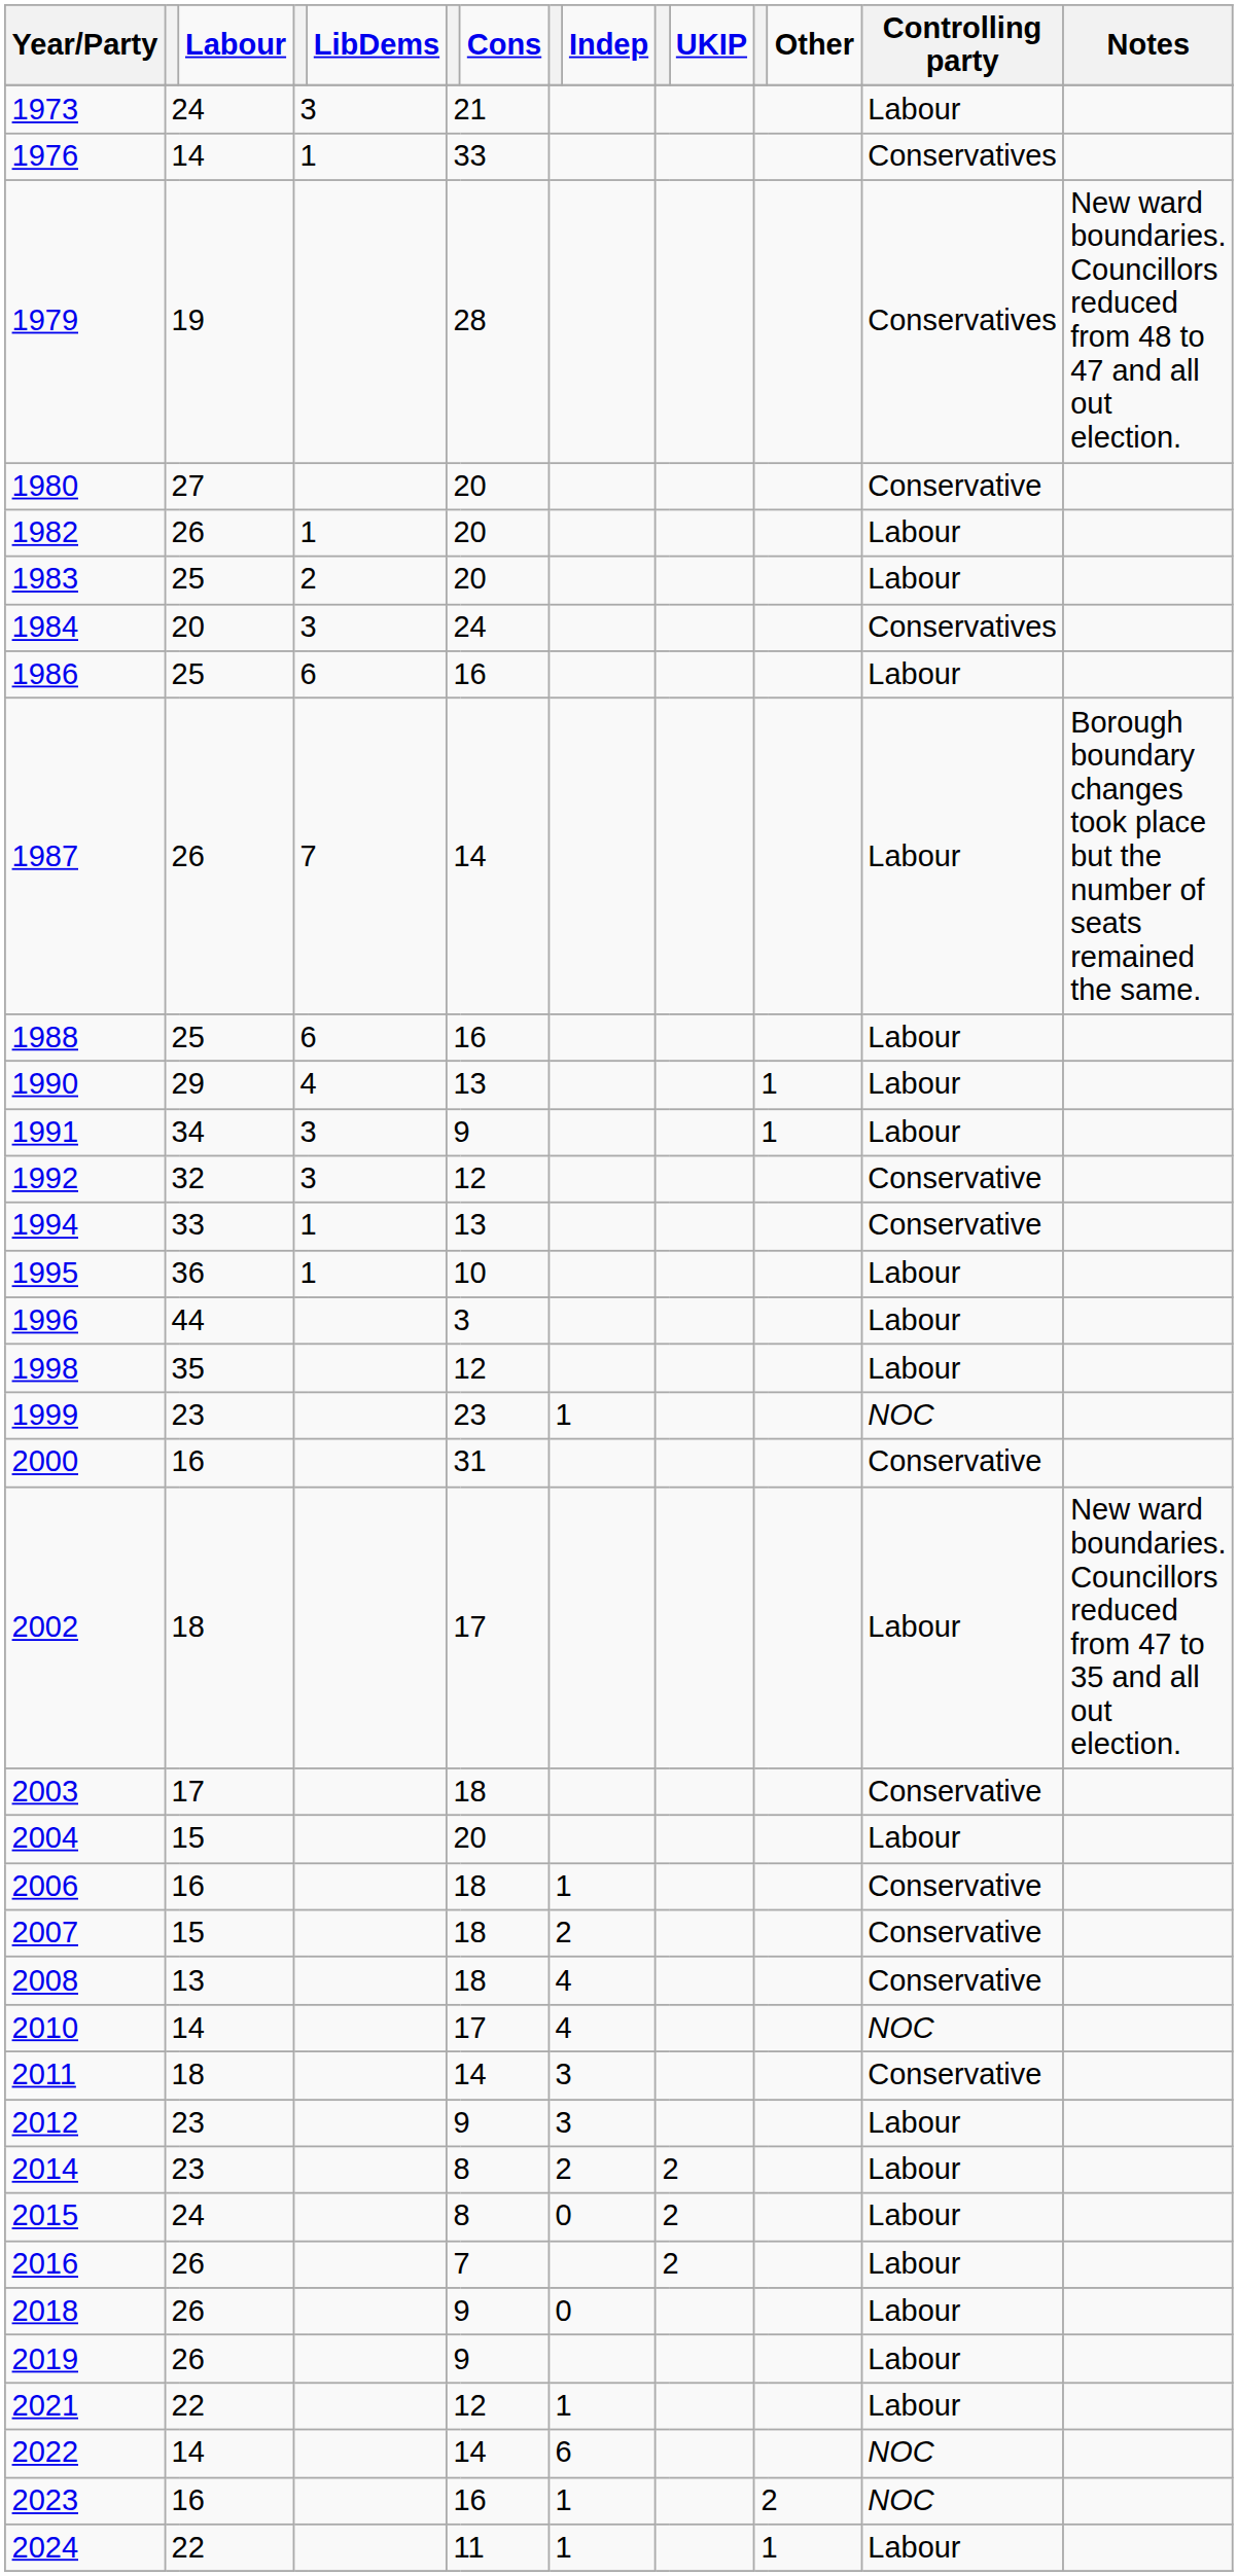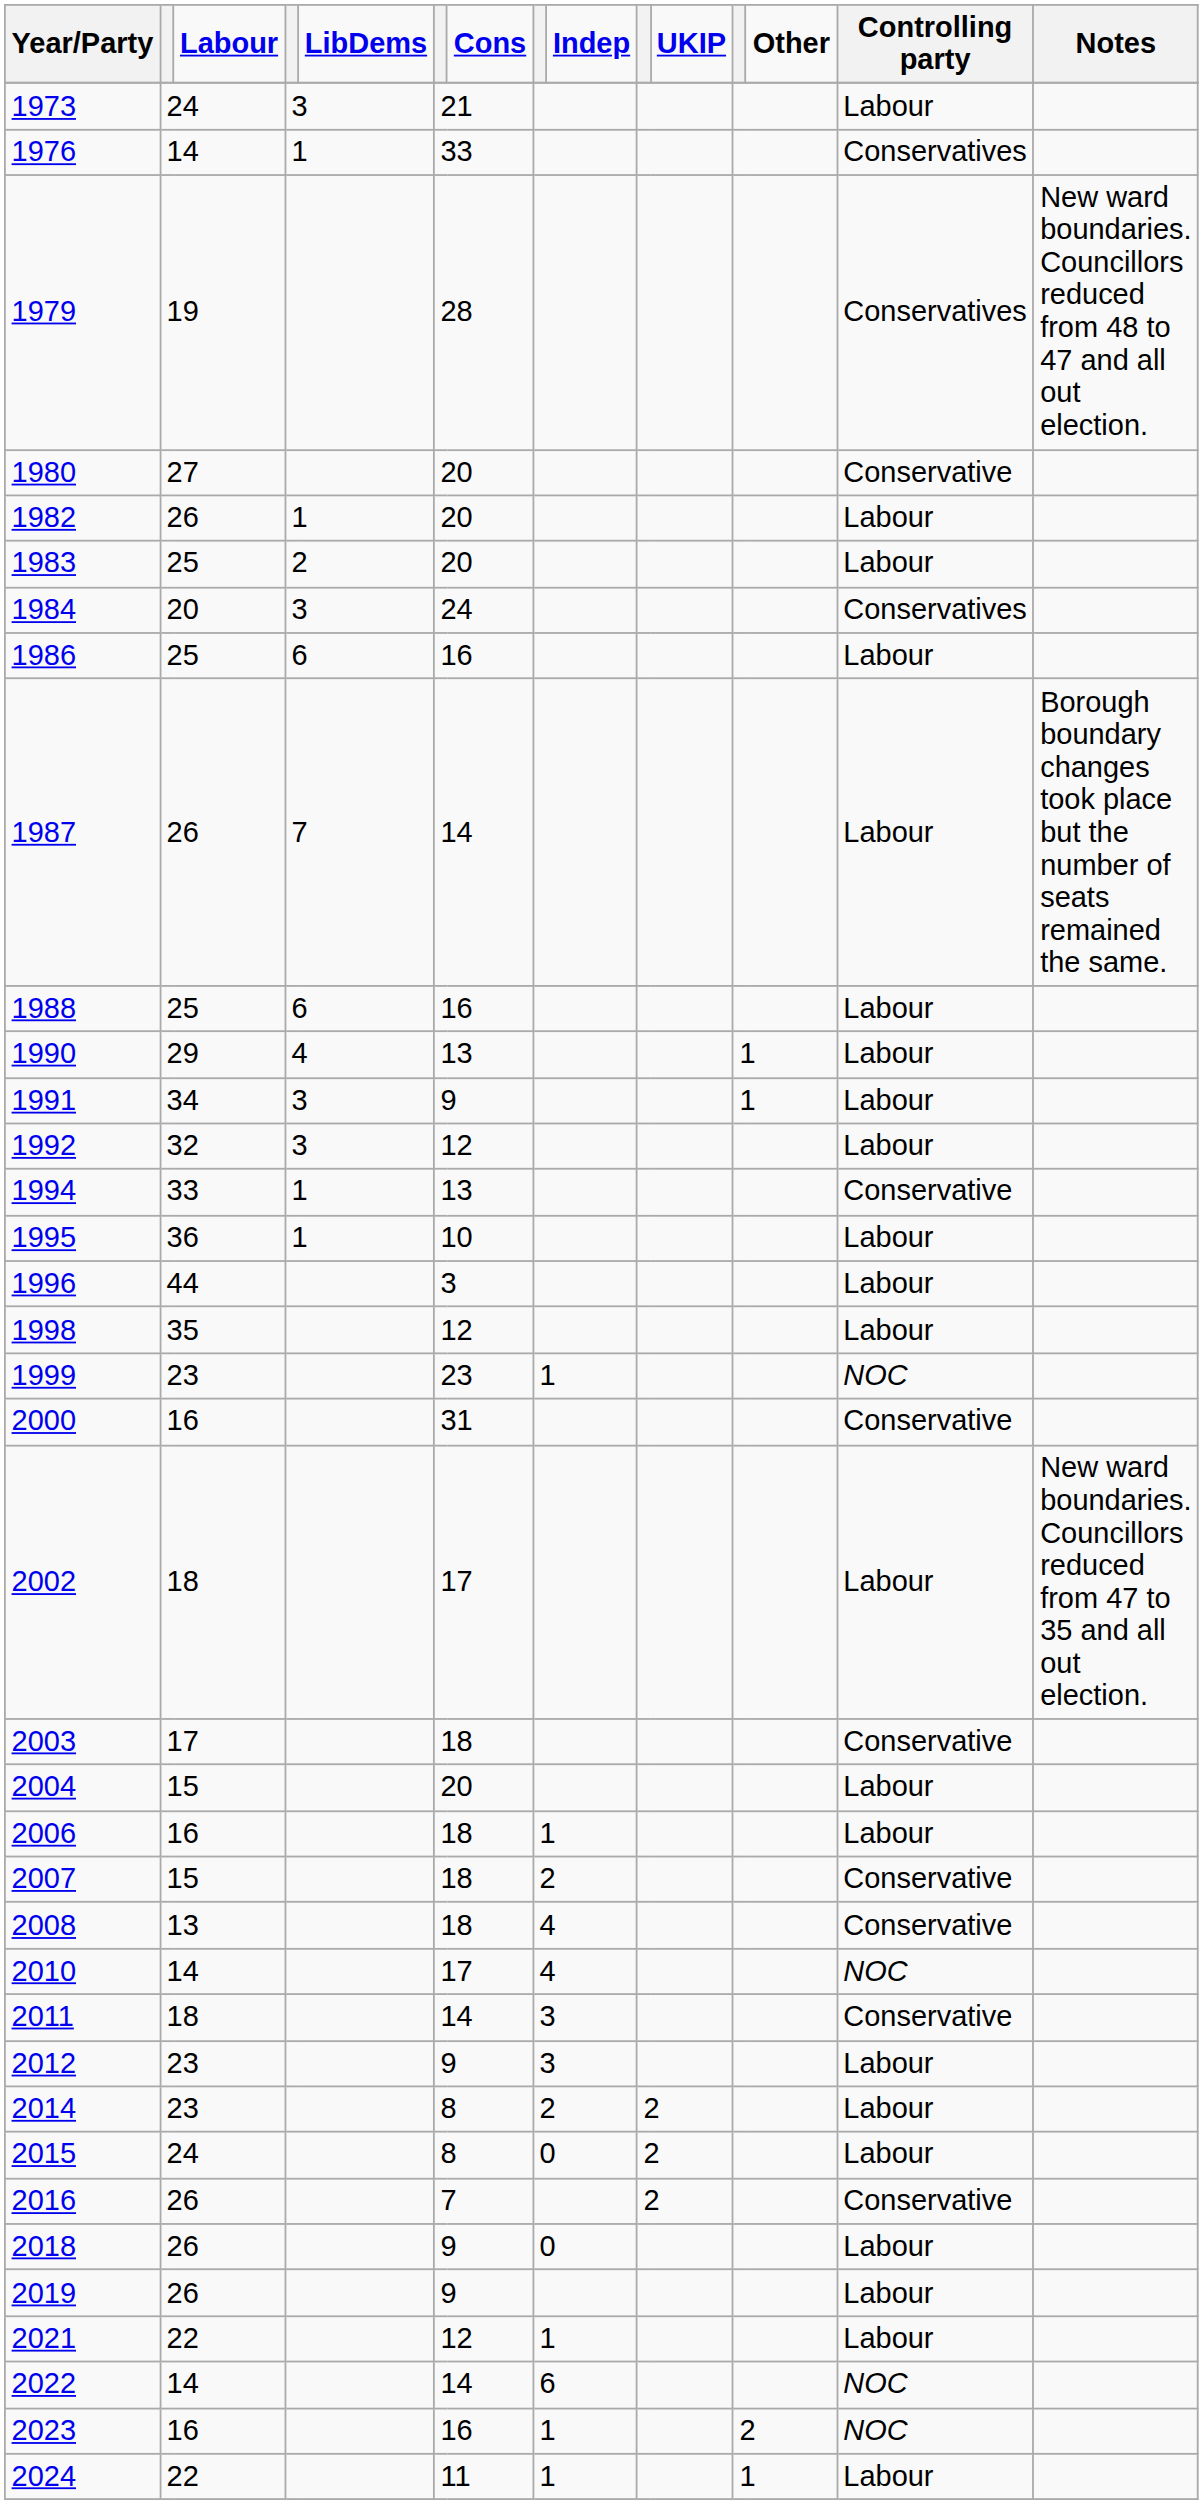 <table class="wikitable">
 <tr>
 <th>Year/Party</th>
 <th style="background-color: "></th>
 <td><strong><a href='#'>Labour</a></strong></td>
 <th style="background-color: "></th>
 <td><strong><a href='#'>LibDems</a></strong></td>
 <th style="background-color: "></th>
 <td><strong><a href='#'>Cons</a></strong></td>
 <th style="background-color: "></th>
 <td><strong><a href='#'>Indep</a></strong></td>
 <th style="background-color: "></th>
 <td><strong><a href='#'>UKIP</a></strong></td>
 <th style="background-color: "></th>
 <td><strong>Other</strong></td>
 <th>Controlling party</th>
 <th>Notes</th>
 </tr>
 <tr>
 </tr>
 <tr>
 <td><a href='#'>1973</a></td>
 <td colspan=2>24</td>
 <td colspan=2>3</td>
 <td colspan=2>21</td>
 <td colspan=2></td>
 <td colspan=2></td>
 <td colspan=2></td>
 <td colspan=1>Labour</td>
 <td></td>
 </tr>
 <tr>
 <td><a href='#'>1976</a></td>
 <td colspan=2>14</td>
 <td colspan=2>1</td>
 <td colspan=2>33</td>
 <td colspan=2></td>
 <td colspan=2></td>
 <td colspan=2></td>
 <td colspan=1>Conservatives</td>
 <td></td>
 </tr>
 <tr>
 <td><a href='#'>1979</a></td>
 <td colspan=2>19</td>
 <td colspan=2></td>
 <td colspan=2>28</td>
 <td colspan=2></td>
 <td colspan=2></td>
 <td colspan=2></td>
 <td colspan=1>Conservatives</td>
 <td>New ward boundaries. Councillors reduced from 48 to 47 and all out election.</td>
 </tr>
 <tr>
 <td><a href='#'>1980</a></td>
 <td colspan=2>27</td>
 <td colspan=2></td>
 <td colspan=2>20</td>
 <td colspan=2></td>
 <td colspan=2></td>
 <td colspan=2></td>
 <td colspan=1>Conservative</td>
 <td></td>
 </tr>
 <tr>
 <td><a href='#'>1982</a></td>
 <td colspan=2>26</td>
 <td colspan=2>1</td>
 <td colspan=2>20</td>
 <td colspan=2></td>
 <td colspan=2></td>
 <td colspan=2></td>
 <td colspan=1>Labour</td>
 <td></td>
 </tr>
 <tr>
 <td><a href='#'>1983</a></td>
 <td colspan=2>25</td>
 <td colspan=2>2</td>
 <td colspan=2>20</td>
 <td colspan=2></td>
 <td colspan=2></td>
 <td colspan=2></td>
 <td colspan=1>Labour</td>
 <td></td>
 </tr>
 <tr>
 <td><a href='#'>1984</a></td>
 <td colspan=2>20</td>
 <td colspan=2>3</td>
 <td colspan=2>24</td>
 <td colspan=2></td>
 <td colspan=2></td>
 <td colspan=2></td>
 <td colspan=1>Conservatives</td>
 <td></td>
 </tr>
 <tr>
 <td><a href='#'>1986</a></td>
 <td colspan=2>25</td>
 <td colspan=2>6</td>
 <td colspan=2>16</td>
 <td colspan=2></td>
 <td colspan=2></td>
 <td colspan=2></td>
 <td colspan=1>Labour</td>
 <td></td>
 </tr>
 <tr>
 <td><a href='#'>1987</a></td>
 <td colspan=2>26</td>
 <td colspan=2>7</td>
 <td colspan=2>14</td>
 <td colspan=2></td>
 <td colspan=2></td>
 <td colspan=2></td>
 <td colspan=1>Labour</td>
 <td>Borough boundary changes took place but the number of seats remained the same.</td>
 </tr>
 <tr>
 <td><a href='#'>1988</a></td>
 <td colspan=2>25</td>
 <td colspan=2>6</td>
 <td colspan=2>16</td>
 <td colspan=2></td>
 <td colspan=2></td>
 <td colspan=2></td>
 <td colspan=1>Labour</td>
 <td></td>
 </tr>
 <tr>
 <td><a href='#'>1990</a></td>
 <td colspan=2>29</td>
 <td colspan=2>4</td>
 <td colspan=2>13</td>
 <td colspan=2></td>
 <td colspan=2></td>
 <td colspan=2>1</td>
 <td colspan=1>Labour</td>
 <td></td>
 </tr>
 <tr>
 <td><a href='#'>1991</a></td>
 <td colspan=2>34</td>
 <td colspan=2>3</td>
 <td colspan=2>9</td>
 <td colspan=2></td>
 <td colspan=2></td>
 <td colspan=2>1</td>
 <td colspan=1>Labour</td>
 <td></td>
 </tr>
 <tr>
 <td><a href='#'>1992</a></td>
 <td colspan=2>32</td>
 <td colspan=2>3</td>
 <td colspan=2>12</td>
 <td colspan=2></td>
 <td colspan=2></td>
 <td colspan=2></td>
-<td colspan=1>Conservative</td>
+<td colspan=1>Labour</td>
 <td></td>
 </tr>
 <tr>
 <td><a href='#'>1994</a></td>
 <td colspan=2>33</td>
 <td colspan=2>1</td>
 <td colspan=2>13</td>
 <td colspan=2></td>
 <td colspan=2></td>
 <td colspan=2></td>
 <td colspan=1>Conservative</td>
 <td></td>
 </tr>
 <tr>
 <td><a href='#'>1995</a></td>
 <td colspan=2>36</td>
 <td colspan=2>1</td>
 <td colspan=2>10</td>
 <td colspan=2></td>
 <td colspan=2></td>
 <td colspan=2></td>
 <td colspan=1>Labour</td>
 <td></td>
 </tr>
 <tr>
 <td><a href='#'>1996</a></td>
 <td colspan=2>44</td>
 <td colspan=2></td>
 <td colspan=2>3</td>
 <td colspan=2></td>
 <td colspan=2></td>
 <td colspan=2></td>
 <td colspan=1>Labour</td>
 <td></td>
 </tr>
 <tr>
 <td><a href='#'>1998</a></td>
 <td colspan=2>35</td>
 <td colspan=2></td>
 <td colspan=2>12</td>
 <td colspan=2></td>
 <td colspan=2></td>
 <td colspan=2></td>
 <td colspan=1>Labour</td>
 <td></td>
 </tr>
 <tr>
 <td><a href='#'>1999</a></td>
 <td colspan=2>23</td>
 <td colspan=2></td>
 <td colspan=2>23</td>
 <td colspan=2>1</td>
 <td colspan=2></td>
 <td colspan=2></td>
 <td colspan=1><em>NOC</em></td>
 <td></td>
 </tr>
 <tr>
 <td><a href='#'>2000</a></td>
 <td colspan=2>16</td>
 <td colspan=2></td>
 <td colspan=2>31</td>
 <td colspan=2></td>
 <td colspan=2></td>
 <td colspan=2></td>
 <td colspan=1>Conservative</td>
 <td></td>
 </tr>
 <tr>
 <td><a href='#'>2002</a></td>
 <td colspan=2>18</td>
 <td colspan=2></td>
 <td colspan=2>17</td>
 <td colspan=2></td>
 <td colspan=2></td>
 <td colspan=2></td>
 <td colspan=1>Labour</td>
 <td>New ward boundaries. Councillors reduced from 47 to 35 and all out election.</td>
 </tr>
 <tr>
 <td><a href='#'>2003</a></td>
 <td colspan=2>17</td>
 <td colspan=2></td>
 <td colspan=2>18</td>
 <td colspan=2></td>
 <td colspan=2></td>
 <td colspan=2></td>
 <td colspan=1>Conservative</td>
 <td></td>
 </tr>
 <tr>
 <td><a href='#'>2004</a></td>
 <td colspan=2>15</td>
 <td colspan=2></td>
 <td colspan=2>20</td>
 <td colspan=2></td>
 <td colspan=2></td>
 <td colspan=2></td>
 <td colspan=1>Labour</td>
 <td></td>
 </tr>
 <tr>
 <td><a href='#'>2006</a></td>
 <td colspan=2>16</td>
 <td colspan=2></td>
 <td colspan=2>18</td>
 <td colspan=2>1</td>
 <td colspan=2></td>
 <td colspan=2></td>
-<td colspan=1>Conservative</td>
+<td colspan=1>Labour</td>
 <td></td>
 </tr>
 <tr>
 <td><a href='#'>2007</a></td>
 <td colspan=2>15</td>
 <td colspan=2></td>
 <td colspan=2>18</td>
 <td colspan=2>2</td>
 <td colspan=2></td>
 <td colspan=2></td>
 <td colspan=1>Conservative</td>
 <td></td>
 </tr>
 <tr>
 <td><a href='#'>2008</a></td>
 <td colspan=2>13</td>
 <td colspan=2></td>
 <td colspan=2>18</td>
 <td colspan=2>4</td>
 <td colspan=2></td>
 <td colspan=2></td>
 <td colspan=1>Conservative</td>
 <td></td>
 </tr>
 <tr>
 <td><a href='#'>2010</a></td>
 <td colspan=2>14</td>
 <td colspan=2></td>
 <td colspan=2>17</td>
 <td colspan=2>4</td>
 <td colspan=2></td>
 <td colspan=2></td>
 <td colspan=1><em>NOC</em></td>
 <td></td>
 </tr>
 <tr>
 <td><a href='#'>2011</a></td>
 <td colspan=2>18</td>
 <td colspan=2></td>
 <td colspan=2>14</td>
 <td colspan=2>3</td>
 <td colspan=2></td>
 <td colspan=2></td>
 <td colspan=1>Conservative</td>
 <td></td>
 </tr>
 <tr>
 <td><a href='#'>2012</a></td>
 <td colspan=2>23</td>
 <td colspan=2></td>
 <td colspan=2>9</td>
 <td colspan=2>3</td>
 <td colspan=2></td>
 <td colspan=2></td>
 <td colspan=1>Labour</td>
 <td></td>
 </tr>
 <tr>
 <td><a href='#'>2014</a></td>
 <td colspan=2>23</td>
 <td colspan=2></td>
 <td colspan=2>8</td>
 <td colspan=2>2</td>
 <td colspan=2>2</td>
 <td colspan=2></td>
 <td colspan=1>Labour</td>
 <td></td>
 </tr>
 <tr>
 <td><a href='#'>2015</a></td>
 <td colspan=2>24</td>
 <td colspan=2></td>
 <td colspan=2>8</td>
 <td colspan=2>0</td>
 <td colspan=2>2</td>
 <td colspan=2></td>
 <td colspan=1>Labour</td>
 <td></td>
 </tr>
 <tr>
 <td><a href='#'>2016</a></td>
 <td colspan=2>26</td>
 <td colspan=2></td>
 <td colspan=2>7</td>
 <td colspan=2></td>
 <td colspan=2>2</td>
 <td colspan=2></td>
-<td colspan=1>Labour</td>
+<td colspan=1>Conservative</td>
 <td></td>
 </tr>
 <tr>
 <td><a href='#'>2018</a></td>
 <td colspan=2>26</td>
 <td colspan=2></td>
 <td colspan=2>9</td>
 <td colspan=2>0</td>
 <td colspan=2></td>
 <td colspan=2></td>
 <td colspan=1>Labour</td>
 <td></td>
 </tr>
 <tr>
 <td><a href='#'>2019</a></td>
 <td colspan=2>26</td>
 <td colspan=2></td>
 <td colspan=2>9</td>
 <td colspan=2></td>
 <td colspan=2></td>
 <td colspan=2></td>
 <td colspan=1>Labour</td>
 <td></td>
 </tr>
 <tr>
 <td><a href='#'>2021</a></td>
 <td colspan=2>22</td>
 <td colspan=2></td>
 <td colspan=2>12</td>
 <td colspan=2>1</td>
 <td colspan=2></td>
 <td colspan=2></td>
 <td colspan=1>Labour</td>
 <td></td>
 </tr>
 <tr>
 <td><a href='#'>2022</a></td>
 <td colspan="2">14</td>
 <td colspan="2"></td>
 <td colspan="2">14</td>
 <td colspan="2">6</td>
 <td colspan="2"></td>
 <td colspan="2"></td>
 <td><em>NOC</em></td>
 <td></td>
 </tr>
 <tr>
 <td><a href='#'>2023</a></td>
 <td colspan="2">16</td>
 <td colspan="2"></td>
 <td colspan="2">16</td>
 <td colspan="2">1</td>
 <td colspan="2"></td>
 <td colspan="2">2</td>
 <td><em>NOC</em></td>
 <td></td>
 </tr>
 <tr>
 <td><a href='#'>2024</a></td>
 <td colspan="2">22</td>
 <td colspan="2"></td>
 <td colspan="2">11</td>
 <td colspan="2">1</td>
 <td colspan="2"></td>
 <td colspan="2">1</td>
 <td>Labour</td>
 <td></td>
 </tr>
 </table>
